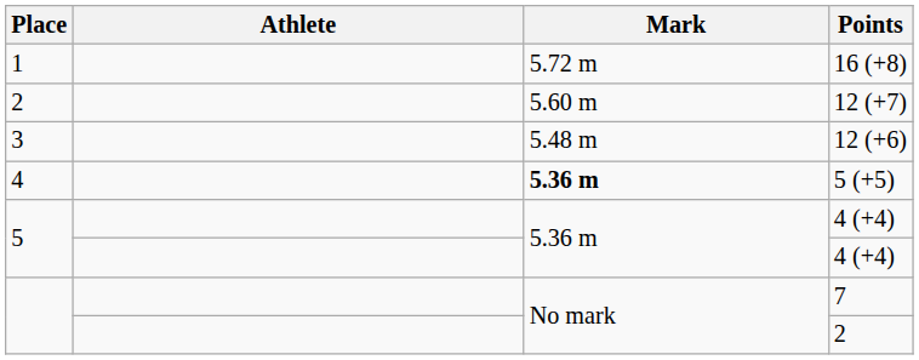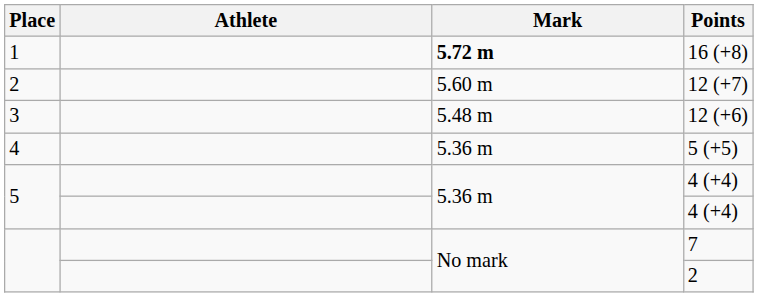 <table class="wikitable sortable">
 <tr>
 <th>Place</th>
 <th style="width:18em">Athlete</th>
 <th style="width:12em">Mark</th>
 <th>Points</th>
 </tr>
 <tr>
 <td>1</td>
 <td></td>
-<td>5.72 m</td>
+<td><strong>5.72 m</strong></td>
 <td>16 (+8)</td>
 </tr>
 <tr>
 <td>2</td>
 <td></td>
 <td>5.60 m</td>
 <td>12 (+7)</td>
 </tr>
 <tr>
 <td>3</td>
 <td></td>
 <td>5.48 m</td>
 <td>12 (+6)</td>
 </tr>
 <tr>
 <td>4</td>
 <td></td>
-<td><strong>5.36 m</strong></td>
+<td>5.36 m</td>
 <td>5 (+5)</td>
 </tr>
 <tr>
 <td rowspan=2>5</td>
 <td></td>
 <td rowspan=2>5.36 m</td>
 <td>4 (+4)</td>
 </tr>
 <tr>
 <td></td>
 <td>4 (+4)</td>
 </tr>
 <tr>
 <td rowspan=2 data-sort-value=7></td>
 <td></td>
 <td rowspan=2>No mark</td>
 <td>7</td>
 </tr>
 <tr>
 <td></td>
 <td>2</td>
 </tr>
 </table>
